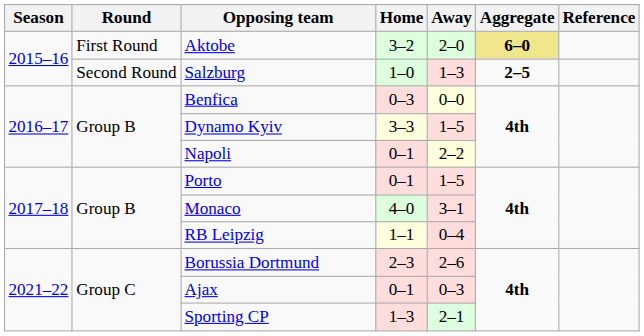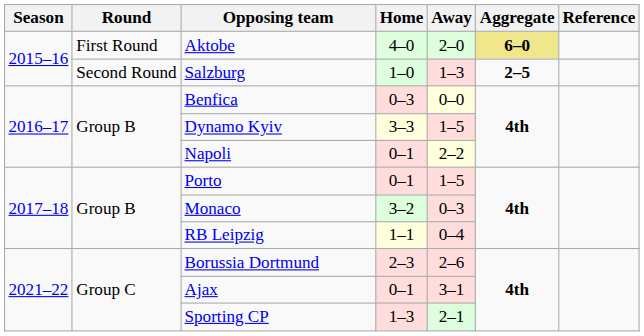 <table class="wikitable">
 <tr>
 <th>Season</th>
 <th>Round</th>
 <th width=175>Opposing team</th>
 <th>Home</th>
 <th>Away</th>
 <th>Aggregate</th>
 <th>Reference</th>
 </tr>
 <tr>
 <td rowspan="2"><a href='#'>2015–16</a></td>
 <td>First Round</td>
 <td> <a href='#'>Aktobe</a></td>
-<td style="text-align:center; background:#dfd;">3–2</td>
+<td style="text-align:center; background:#dfd;">4–0</td>
 <td style="text-align:center; background:#dfd;">2–0</td>
 <td style="background: khaki; text-align:center;"><strong>6–0</strong></td>
 <td></td>
 </tr>
 <tr>
 <td>Second Round</td>
 <td> <a href='#'>Salzburg</a></td>
 <td style="text-align:center; background:#dfd;">1–0</td>
 <td style="text-align:center; background:#fdd;">1–3</td>
 <td style="text-align:center;"><strong>2–5</strong></td>
 <td></td>
 </tr>
 <tr>
 <td rowspan="3"><a href='#'>2016–17</a></td>
 <td rowspan="3">Group B</td>
 <td> <a href='#'>Benfica</a></td>
 <td style="text-align:center; background:#fdd;">0–3</td>
 <td style="text-align:center; background:#ffd;">0–0</td>
 <td style="text-align:center;" rowspan=3><strong>4th</strong></td>
 <td style="text-align:center;" rowspan=3></td>
 </tr>
 <tr>
 <td> <a href='#'>Dynamo Kyiv</a></td>
 <td style="text-align:center; background:#ffd;">3–3</td>
 <td style="text-align:center; background:#fdd;">1–5</td>
 </tr>
 <tr>
 <td> <a href='#'>Napoli</a></td>
 <td style="text-align:center; background:#fdd;">0–1</td>
 <td style="text-align:center; background:#ffd;">2–2</td>
 </tr>
 <tr>
 <td rowspan="3"><a href='#'>2017–18</a></td>
 <td rowspan="3">Group B</td>
 <td> <a href='#'>Porto</a></td>
 <td style="text-align:center; background:#fdd;">0–1</td>
 <td style="text-align:center; background:#fdd;">1–5</td>
 <td style="text-align:center;" rowspan=3><strong>4th</strong></td>
 <td style="text-align:center;" rowspan=3></td>
 </tr>
 <tr>
 <td> <a href='#'>Monaco</a></td>
-<td style="text-align:center; background:#dfd;">4–0</td>
-<td style="text-align:center; background:#fdd;">3–1</td>
+<td style="text-align:center; background:#dfd;">3–2</td>
+<td style="text-align:center; background:#fdd;">0–3</td>
 </tr>
 <tr>
 <td> <a href='#'>RB Leipzig</a></td>
 <td style="text-align:center; background:#ffd;">1–1</td>
 <td style="text-align:center; background:#fdd;">0–4</td>
 </tr>
 <tr>
 <td rowspan="3"><a href='#'>2021–22</a></td>
 <td rowspan="3">Group C</td>
 <td> <a href='#'>Borussia Dortmund</a></td>
 <td style="text-align:center; background:#fdd;">2–3</td>
 <td style="text-align:center; background:#fdd;">2–6</td>
 <td style="text-align:center;" rowspan=3><strong>4th</strong></td>
 <td style="text-align:center;" rowspan=3></td>
 </tr>
 <tr>
 <td> <a href='#'>Ajax</a></td>
 <td style="text-align:center; background:#fdd;">0–1</td>
-<td style="text-align:center; background:#fdd;">0–3</td>
+<td style="text-align:center; background:#fdd;">3–1</td>
 </tr>
 <tr>
 <td> <a href='#'>Sporting CP</a></td>
 <td style="text-align:center; background:#fdd;">1–3</td>
 <td style="text-align:center; background:#dfd;">2–1</td>
 </tr>
 </table>
